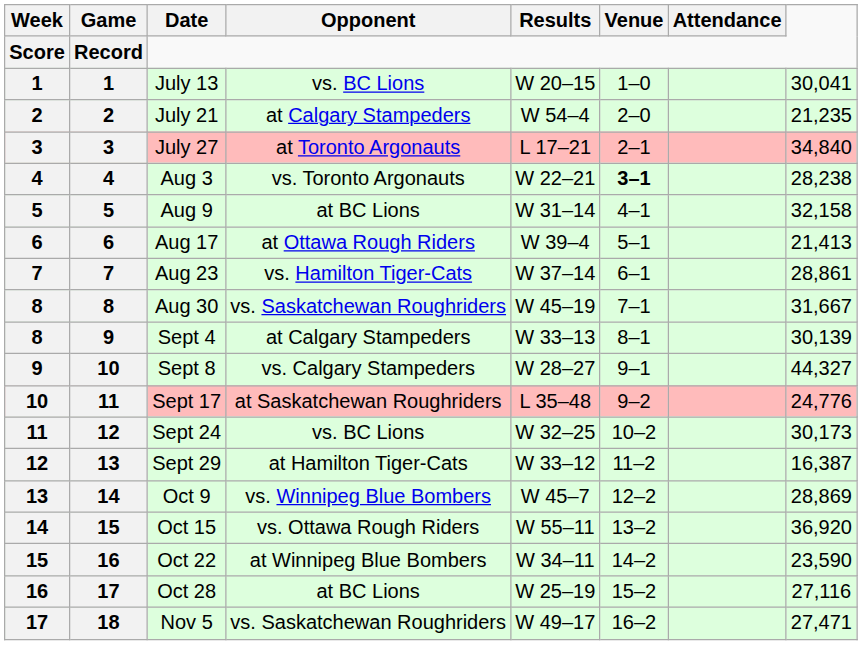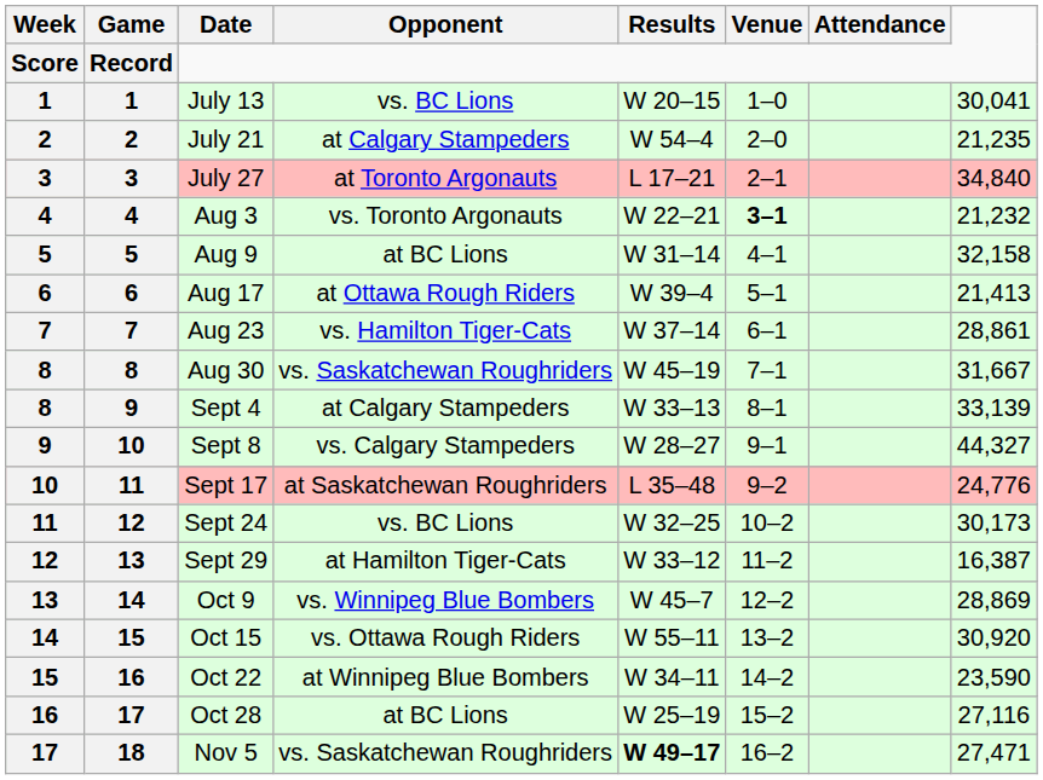 <table class="wikitable" style="text-align:center">
 <tr>
 <th>Week</th>
 <th>Game</th>
 <th>Date</th>
 <th>Opponent</th>
 <th>Results</th>
 <th>Venue</th>
 <th>Attendance</th>
 </tr>
 <tr>
 <th>Score</th>
 <th>Record</th>
 </tr>
 <tr style="background:#ddffdd">
 <th>1</th>
 <th>1</th>
 <td>July 13</td>
 <td>vs. <a href='#'>BC Lions</a></td>
 <td>W 20–15</td>
 <td>1–0</td>
 <td></td>
 <td>30,041</td>
 </tr>
 <tr style="background:#ddffdd">
 <th>2</th>
 <th>2</th>
 <td>July 21</td>
 <td>at <a href='#'>Calgary Stampeders</a></td>
 <td>W 54–4</td>
 <td>2–0</td>
 <td></td>
 <td>21,235</td>
 </tr>
 <tr style="background:#ffbbbb">
 <th>3</th>
 <th>3</th>
 <td>July 27</td>
 <td>at <a href='#'>Toronto Argonauts</a></td>
 <td>L 17–21</td>
 <td>2–1</td>
 <td></td>
 <td>34,840</td>
 </tr>
 <tr style="background:#ddffdd">
 <th>4</th>
 <th>4</th>
 <td>Aug 3</td>
 <td>vs. Toronto Argonauts</td>
 <td>W 22–21</td>
 <td><strong>3–1</strong></td>
 <td></td>
-<td>28,238</td>
+<td>21,232</td>
 </tr>
 <tr style="background:#ddffdd">
 <th>5</th>
 <th>5</th>
 <td>Aug 9</td>
 <td>at BC Lions</td>
 <td>W 31–14</td>
 <td>4–1</td>
 <td></td>
 <td>32,158</td>
 </tr>
 <tr style="background:#ddffdd">
 <th>6</th>
 <th>6</th>
 <td>Aug 17</td>
 <td>at <a href='#'>Ottawa Rough Riders</a></td>
 <td>W 39–4</td>
 <td>5–1</td>
 <td></td>
 <td>21,413</td>
 </tr>
 <tr style="background:#ddffdd">
 <th>7</th>
 <th>7</th>
 <td>Aug 23</td>
 <td>vs. <a href='#'>Hamilton Tiger-Cats</a></td>
 <td>W 37–14</td>
 <td>6–1</td>
 <td></td>
 <td>28,861</td>
 </tr>
 <tr style="background:#ddffdd">
 <th>8</th>
 <th>8</th>
 <td>Aug 30</td>
 <td>vs. <a href='#'>Saskatchewan Roughriders</a></td>
 <td>W 45–19</td>
 <td>7–1</td>
 <td></td>
 <td>31,667</td>
 </tr>
 <tr style="background:#ddffdd">
 <th>8</th>
 <th>9</th>
 <td>Sept 4</td>
 <td>at Calgary Stampeders</td>
 <td>W 33–13</td>
 <td>8–1</td>
 <td></td>
-<td>30,139</td>
+<td>33,139</td>
 </tr>
 <tr style="background:#ddffdd">
 <th>9</th>
 <th>10</th>
 <td>Sept 8</td>
 <td>vs. Calgary Stampeders</td>
 <td>W 28–27</td>
 <td>9–1</td>
 <td></td>
 <td>44,327</td>
 </tr>
 <tr style="background:#ffbbbb">
 <th>10</th>
 <th>11</th>
 <td>Sept 17</td>
 <td>at Saskatchewan Roughriders</td>
 <td>L 35–48</td>
 <td>9–2</td>
 <td></td>
 <td>24,776</td>
 </tr>
 <tr style="background:#ddffdd">
 <th>11</th>
 <th>12</th>
 <td>Sept 24</td>
 <td>vs. BC Lions</td>
 <td>W 32–25</td>
 <td>10–2</td>
 <td></td>
 <td>30,173</td>
 </tr>
 <tr style="background:#ddffdd">
 <th>12</th>
 <th>13</th>
 <td>Sept 29</td>
 <td>at Hamilton Tiger-Cats</td>
 <td>W 33–12</td>
 <td>11–2</td>
 <td></td>
 <td>16,387</td>
 </tr>
 <tr style="background:#ddffdd">
 <th>13</th>
 <th>14</th>
 <td>Oct 9</td>
 <td>vs. <a href='#'>Winnipeg Blue Bombers</a></td>
 <td>W 45–7</td>
 <td>12–2</td>
 <td></td>
 <td>28,869</td>
 </tr>
 <tr style="background:#ddffdd">
 <th>14</th>
 <th>15</th>
 <td>Oct 15</td>
 <td>vs. Ottawa Rough Riders</td>
 <td>W 55–11</td>
 <td>13–2</td>
 <td></td>
-<td>36,920</td>
+<td>30,920</td>
 </tr>
 <tr style="background:#ddffdd">
 <th>15</th>
 <th>16</th>
 <td>Oct 22</td>
 <td>at Winnipeg Blue Bombers</td>
 <td>W 34–11</td>
 <td>14–2</td>
 <td></td>
 <td>23,590</td>
 </tr>
 <tr style="background:#ddffdd">
 <th>16</th>
 <th>17</th>
 <td>Oct 28</td>
 <td>at BC Lions</td>
 <td>W 25–19</td>
 <td>15–2</td>
 <td></td>
 <td>27,116</td>
 </tr>
 <tr style="background:#ddffdd">
 <th>17</th>
 <th>18</th>
 <td>Nov 5</td>
 <td>vs. Saskatchewan Roughriders</td>
-<td>W 49–17</td>
+<td><strong>W 49–17</strong></td>
 <td>16–2</td>
 <td></td>
 <td>27,471</td>
 </tr>
 </table>
